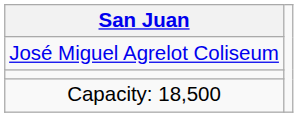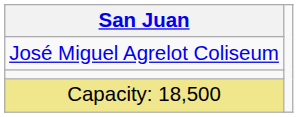 <table class="wikitable" style="text-align:center; margin:1em auto;">
 <tr>
 <th><a href='#'>San Juan</a></th>
 <td rowspan=4></td>
 </tr>
 <tr>
 <td><a href='#'>José Miguel Agrelot Coliseum</a></td>
 </tr>
 <tr>
 <td></td>
 </tr>
 <tr>
-<td>Capacity: 18,500</td>
+<td style="background: khaki;">Capacity: 18,500</td>
 </tr>
 </table>
